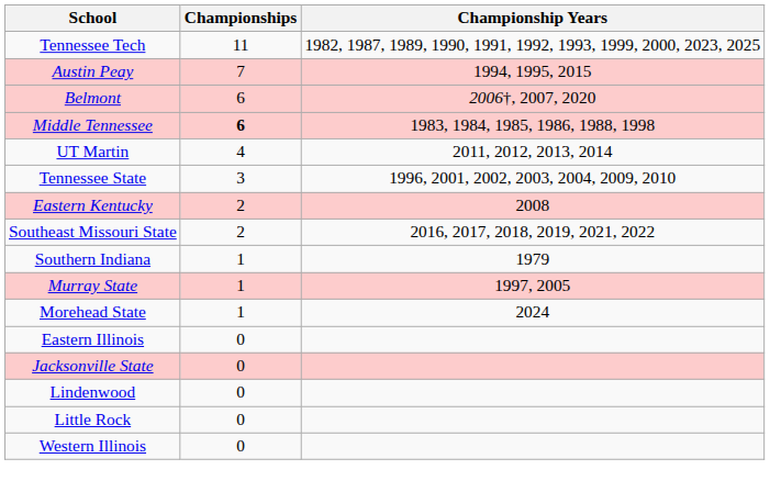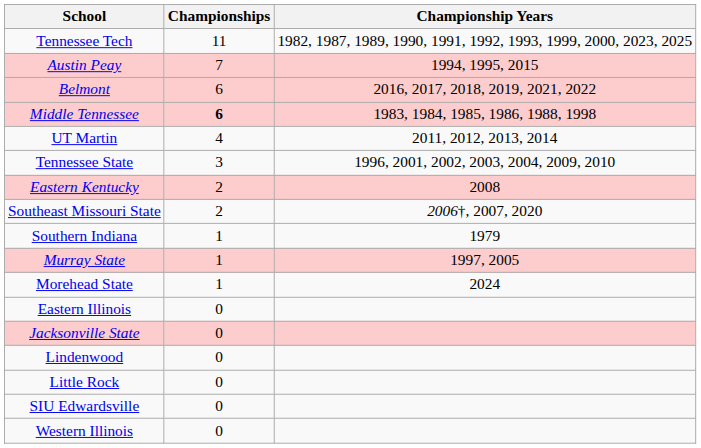 <table class="wikitable sortable" style="text-align:center">
 <tr>
 <th width=px>School</th>
 <th width=px>Championships</th>
 <th width=px>Championship Years</th>
 </tr>
 <tr>
 <td><a href='#'>Tennessee Tech</a></td>
 <td>11</td>
 <td>1982, 1987, 1989, 1990, 1991, 1992, 1993, 1999, 2000, 2023, 2025</td>
 </tr>
 <tr bgcolor=#fdcccc>
 <td><em><a href='#'>Austin Peay</a></em></td>
 <td>7</td>
 <td>1994, 1995, 2015</td>
 </tr>
 <tr bgcolor=#fdcccc>
 <td><em><a href='#'>Belmont</a></em></td>
 <td>6</td>
-<td><em>2006</em>†, 2007, 2020</td>
+<td>2016, 2017, 2018, 2019, 2021, 2022</td>
 </tr>
 <tr bgcolor=#fdcccc>
 <td><em><a href='#'>Middle Tennessee</a></em></td>
 <td><strong>6</strong></td>
 <td>1983, 1984, 1985, 1986, 1988, 1998</td>
 </tr>
 <tr>
 <td><a href='#'>UT Martin</a></td>
 <td>4</td>
 <td>2011, 2012, 2013, 2014</td>
 </tr>
 <tr>
 <td><a href='#'>Tennessee State</a></td>
 <td>3</td>
 <td>1996, 2001, 2002, 2003, 2004, 2009, 2010</td>
 </tr>
 <tr bgcolor=#fdcccc>
 <td><em><a href='#'>Eastern Kentucky</a></em></td>
 <td>2</td>
 <td>2008</td>
 </tr>
 <tr>
 <td><a href='#'>Southeast Missouri State</a></td>
 <td>2</td>
-<td>2016, 2017, 2018, 2019, 2021, 2022</td>
+<td><em>2006</em>†, 2007, 2020</td>
 </tr>
 <tr>
 <td><a href='#'>Southern Indiana</a></td>
 <td>1</td>
 <td>1979</td>
 </tr>
 <tr bgcolor=#fdcccc>
 <td><em><a href='#'>Murray State</a></em></td>
 <td>1</td>
 <td>1997, 2005</td>
 </tr>
 <tr>
 <td><a href='#'>Morehead State</a></td>
 <td>1</td>
 <td>2024</td>
 </tr>
 <tr>
 <td><a href='#'>Eastern Illinois</a></td>
 <td>0</td>
 <td></td>
 </tr>
 <tr bgcolor=#fdcccc>
 <td><em><a href='#'>Jacksonville State</a></em></td>
 <td>0</td>
 <td></td>
 </tr>
 <tr>
 <td><a href='#'>Lindenwood</a></td>
 <td>0</td>
 <td></td>
 </tr>
 <tr>
 <td><a href='#'>Little Rock</a></td>
 <td>0</td>
 <td></td>
 </tr>
 <tr>
+<td><a href='#'>SIU Edwardsville</a></td>
+<td>0</td>
+<td></td>
+</tr>
+<tr>
 <td><a href='#'>Western Illinois</a></td>
 <td>0</td>
 <td></td>
 </tr>
 </table>
